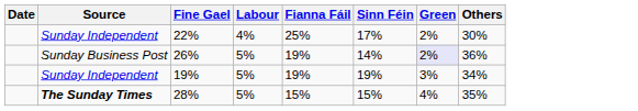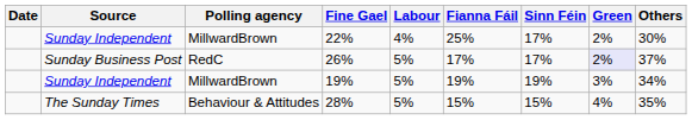 <table class="wikitable sortable">
 <tr>
 <th>Date</th>
 <th>Source</th>
+<th>Polling agency</th>
 <th class=unsortable style="background:"><a href='#'><span>Fine Gael</span></a></th>
 <th class=unsortable style="background:"><a href='#'><span>Labour</span></a></th>
 <th class=unsortable style="background:"><a href='#'><span>Fianna Fáil</span></a></th>
 <th class=unsortable style="background:"><a href='#'><span>Sinn Féin</span></a></th>
 <th class=unsortable style="background:"><a href='#'><span>Green</span></a></th>
 <th class=unsortable>Others</th>
 </tr>
 <tr>
 <td></td>
 <td><em><a href='#'>Sunday Independent</a></em></td>
+<td>MillwardBrown</td>
 <td>22%</td>
 <td>4%</td>
 <td>25%</td>
 <td>17%</td>
 <td>2%</td>
 <td>30%</td>
 </tr>
 <tr>
 <td></td>
 <td><em>Sunday Business Post</em></td>
+<td>RedC</td>
 <td>26%</td>
 <td>5%</td>
-<td>19%</td>
-<td>14%</td>
+<td>17%</td>
+<td>17%</td>
 <td style="background: lavender;">2%</td>
-<td>36%</td>
+<td>37%</td>
 </tr>
 <tr>
 <td></td>
 <td><em><a href='#'>Sunday Independent</a></em></td>
+<td>MillwardBrown</td>
 <td>19%</td>
 <td>5%</td>
 <td>19%</td>
 <td>19%</td>
 <td>3%</td>
 <td>34%</td>
 </tr>
 <tr>
 <td></td>
-<td><strong><em>The Sunday Times</em></strong></td>
+<td><em>The Sunday Times</em></td>
+<td>Behaviour & Attitudes</td>
 <td>28%</td>
 <td>5%</td>
 <td>15%</td>
 <td>15%</td>
 <td>4%</td>
 <td>35%</td>
 </tr>
 </table>
